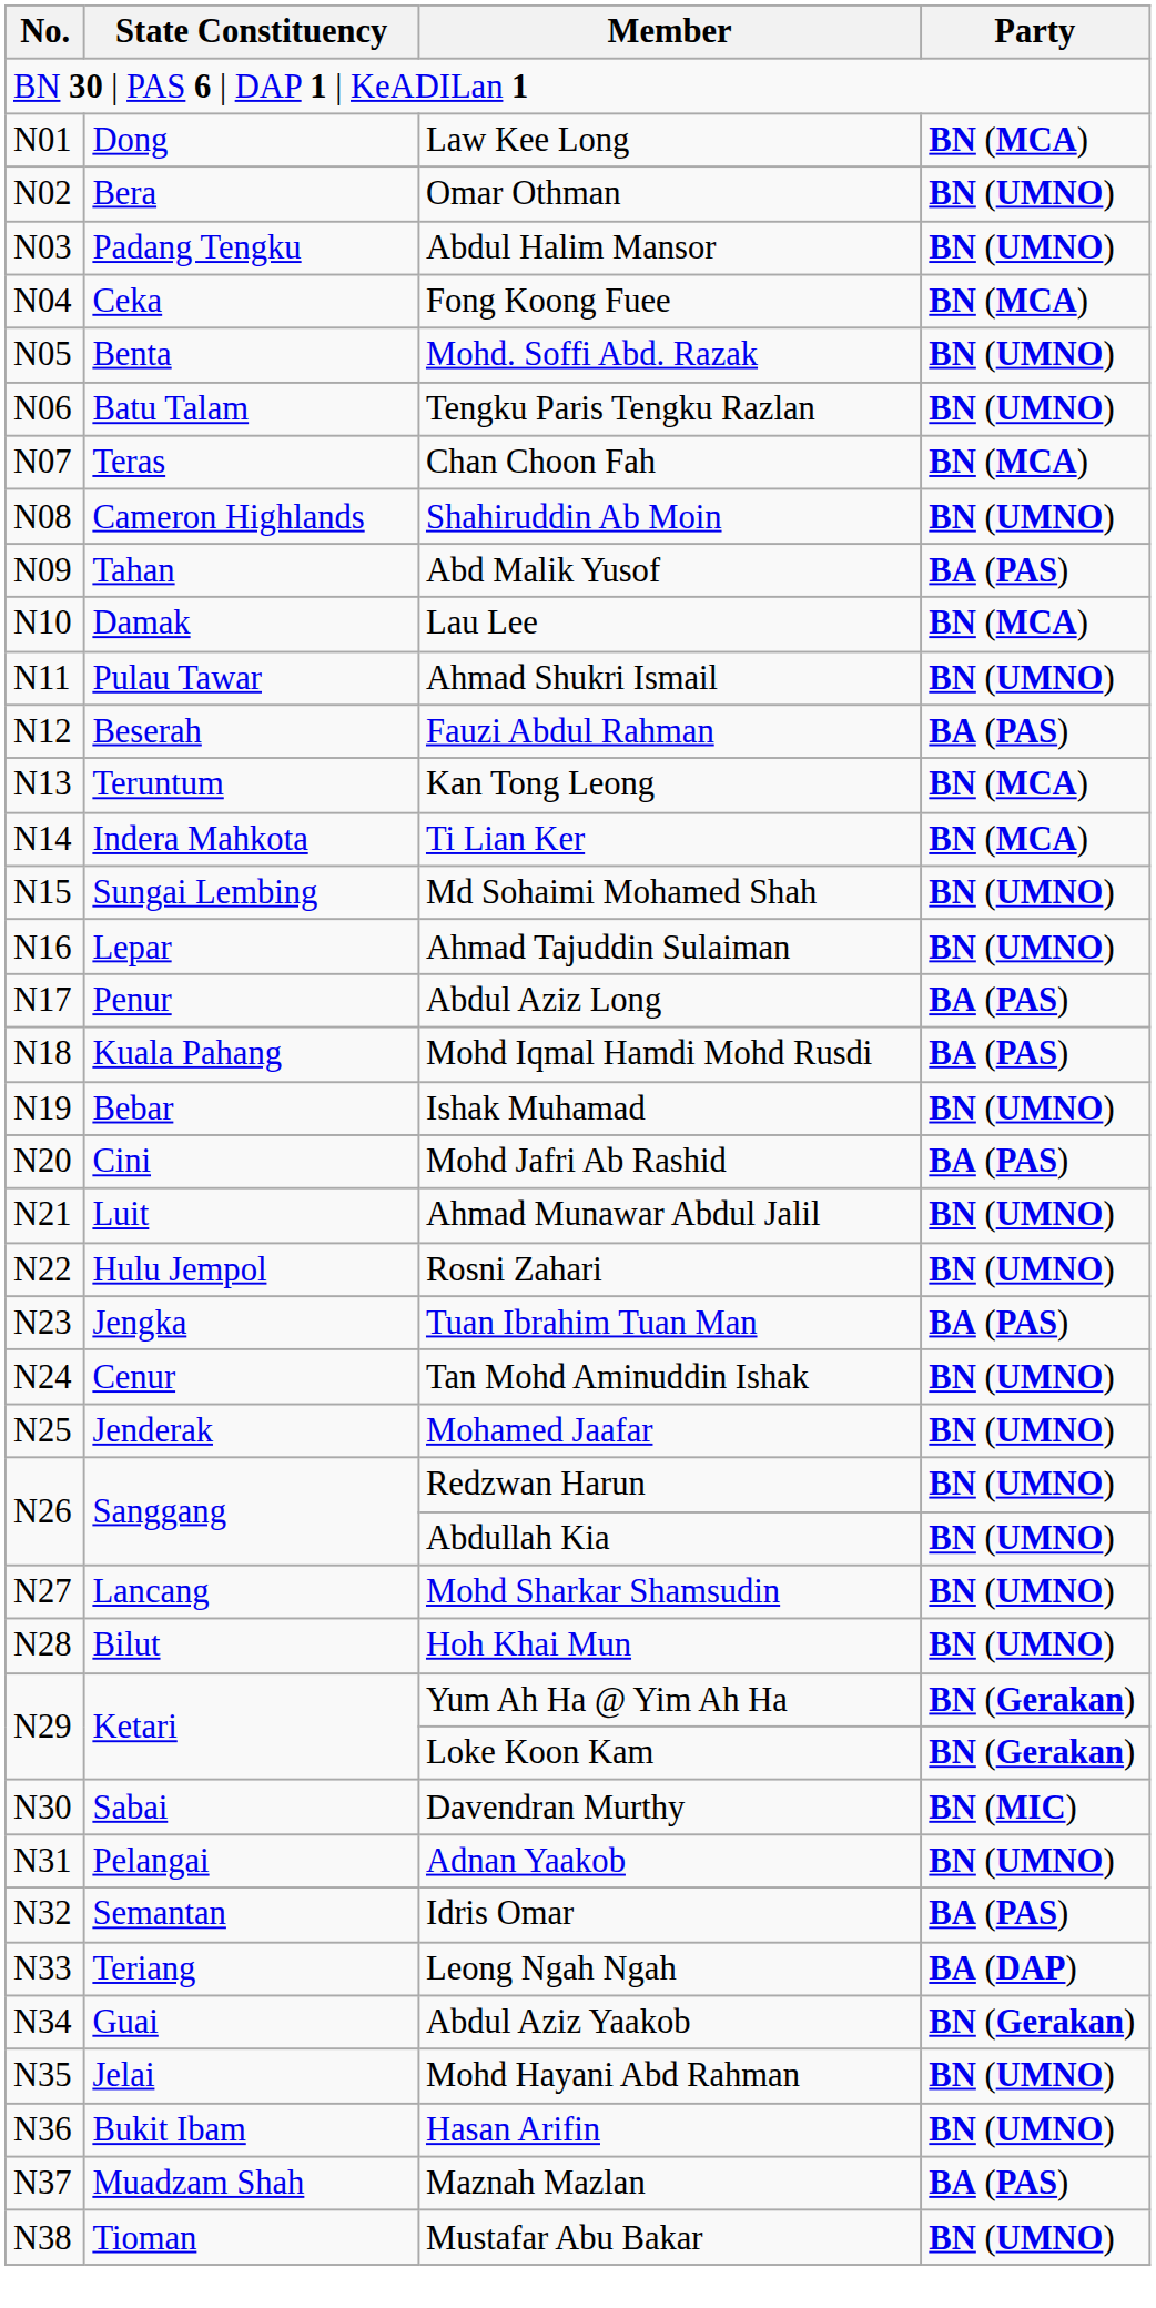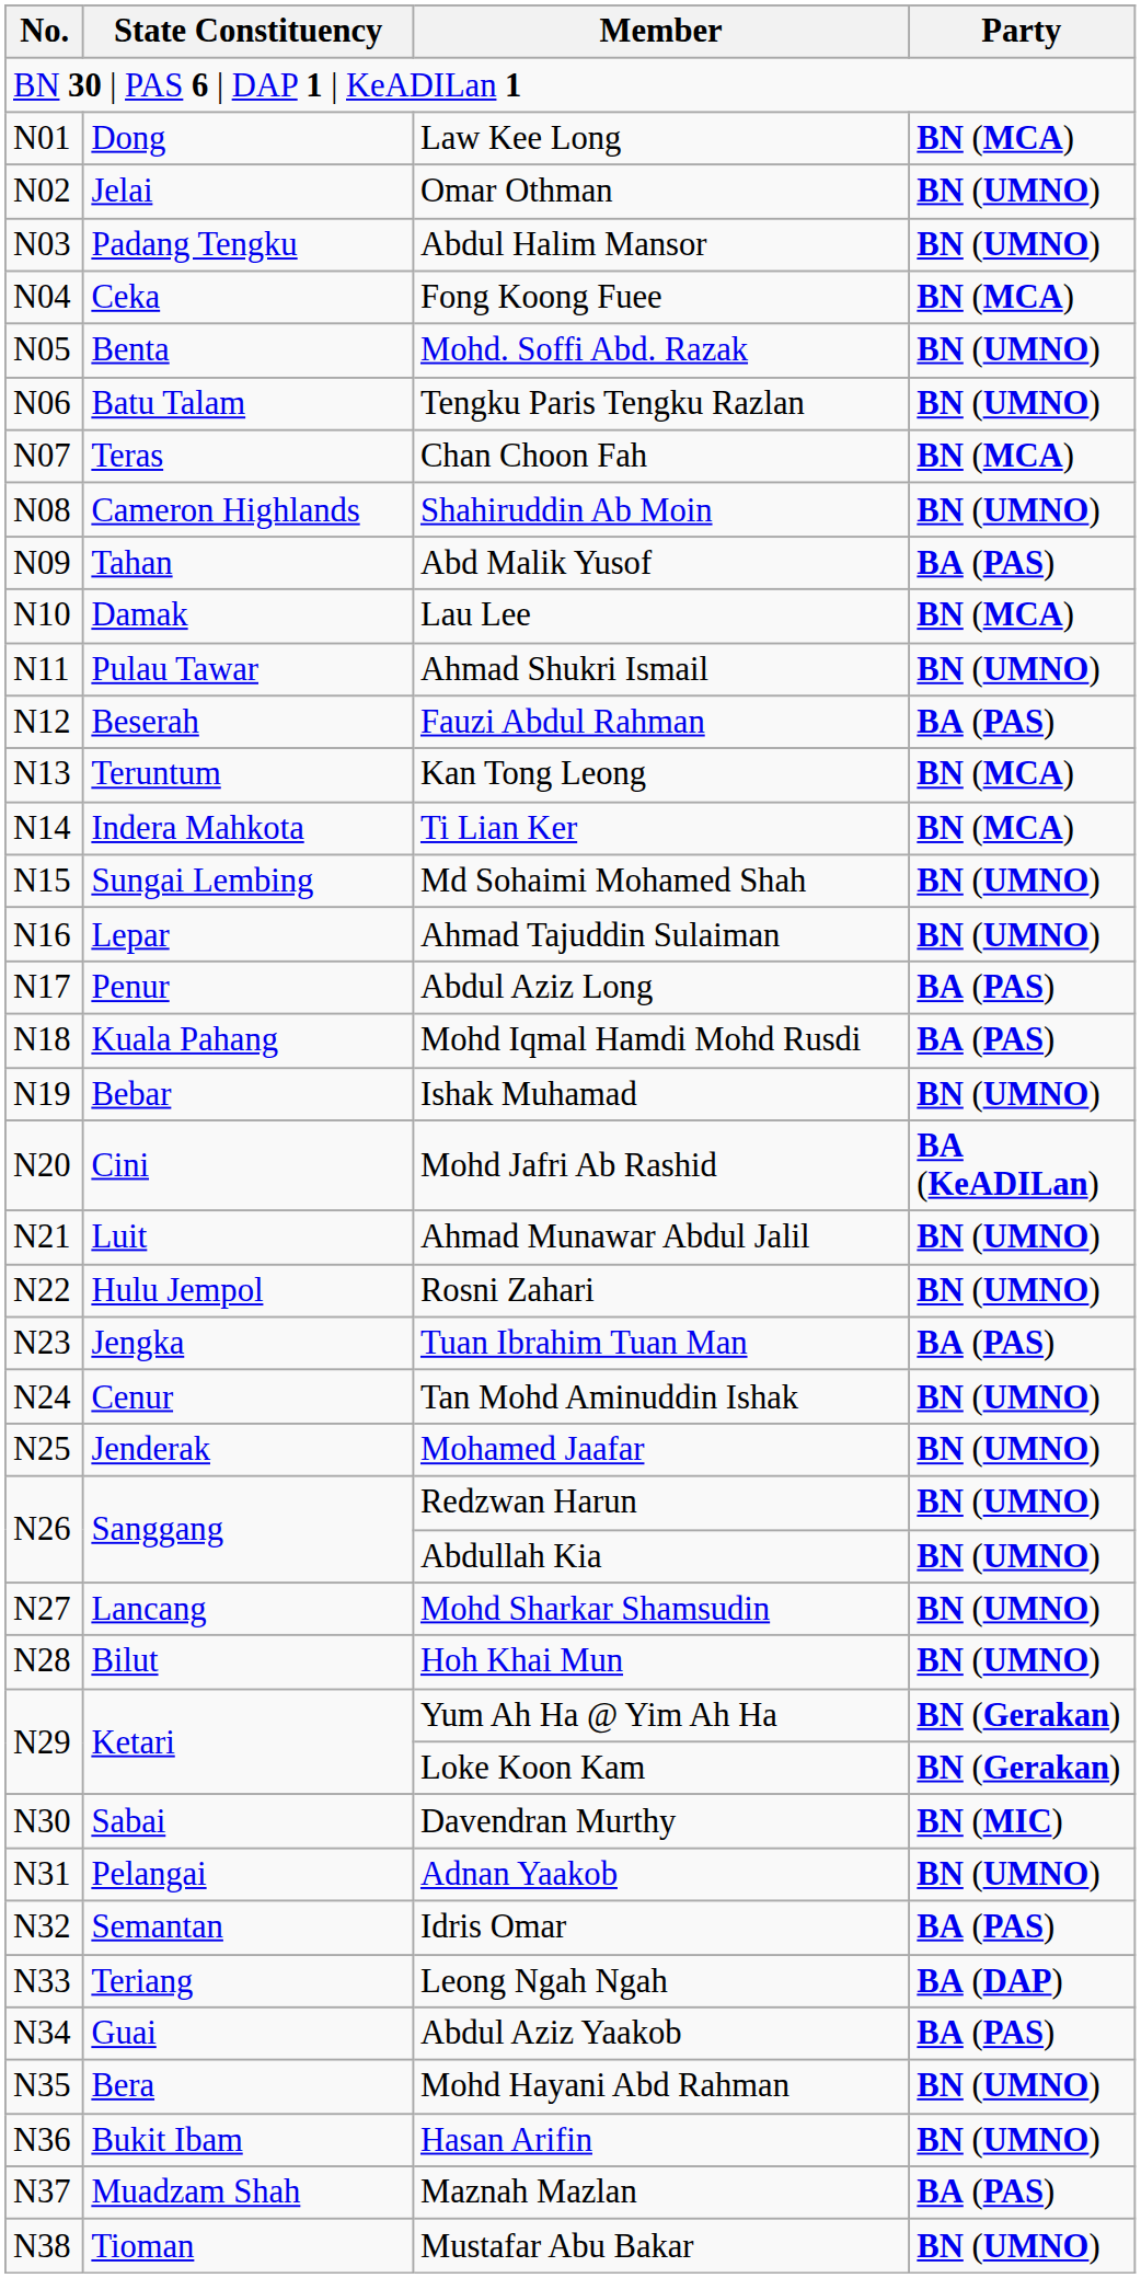 <table class="wikitable sortable">
 <tr>
 <th style="width:30px;">No.</th>
 <th style="width:150px;">State Constituency</th>
 <th style="width:230px;">Member</th>
 <th style="width:100px;">Party</th>
 </tr>
 <tr>
 <td colspan="4"><a href='#'>BN</a> <strong>30</strong> | <a href='#'>PAS</a> <strong>6</strong> | <a href='#'>DAP</a> <strong>1</strong> | <a href='#'>KeADILan</a> <strong>1</strong></td>
 </tr>
 <tr>
 <td>N01</td>
 <td><a href='#'>Dong</a></td>
 <td>Law Kee Long</td>
 <td><strong><a href='#'>BN</a></strong> (<strong><a href='#'>MCA</a></strong>)</td>
 </tr>
 <tr>
 <td>N02</td>
-<td><a href='#'>Bera</a></td>
+<td><a href='#'>Jelai</a></td>
 <td>Omar Othman</td>
 <td><strong><a href='#'>BN</a></strong> (<strong><a href='#'>UMNO</a></strong>)</td>
 </tr>
 <tr>
 <td>N03</td>
 <td><a href='#'>Padang Tengku</a></td>
 <td>Abdul Halim Mansor</td>
 <td><strong><a href='#'>BN</a></strong> (<strong><a href='#'>UMNO</a></strong>)</td>
 </tr>
 <tr>
 <td>N04</td>
 <td><a href='#'>Ceka</a></td>
 <td>Fong Koong Fuee</td>
 <td><strong><a href='#'>BN</a></strong> (<strong><a href='#'>MCA</a></strong>)</td>
 </tr>
 <tr>
 <td>N05</td>
 <td><a href='#'>Benta</a></td>
 <td><a href='#'>Mohd. Soffi Abd. Razak</a></td>
 <td><strong><a href='#'>BN</a></strong> (<strong><a href='#'>UMNO</a></strong>)</td>
 </tr>
 <tr>
 <td>N06</td>
 <td><a href='#'>Batu Talam</a></td>
 <td>Tengku Paris Tengku Razlan</td>
 <td><strong><a href='#'>BN</a></strong> (<strong><a href='#'>UMNO</a></strong>)</td>
 </tr>
 <tr>
 <td>N07</td>
 <td><a href='#'>Teras</a></td>
 <td>Chan Choon Fah</td>
 <td><strong><a href='#'>BN</a></strong> (<strong><a href='#'>MCA</a></strong>)</td>
 </tr>
 <tr>
 <td>N08</td>
 <td><a href='#'>Cameron Highlands</a></td>
 <td><a href='#'>Shahiruddin Ab Moin</a></td>
 <td><strong><a href='#'>BN</a></strong> (<strong><a href='#'>UMNO</a></strong>)</td>
 </tr>
 <tr>
 <td>N09</td>
 <td><a href='#'>Tahan</a></td>
 <td>Abd Malik Yusof</td>
 <td><strong><a href='#'>BA</a></strong> (<strong><a href='#'>PAS</a></strong>)</td>
 </tr>
 <tr>
 <td>N10</td>
 <td><a href='#'>Damak</a></td>
 <td>Lau Lee</td>
 <td><strong><a href='#'>BN</a></strong> (<strong><a href='#'>MCA</a></strong>)</td>
 </tr>
 <tr>
 <td>N11</td>
 <td><a href='#'>Pulau Tawar</a></td>
 <td>Ahmad Shukri Ismail</td>
 <td><strong><a href='#'>BN</a></strong> (<strong><a href='#'>UMNO</a></strong>)</td>
 </tr>
 <tr>
 <td>N12</td>
 <td><a href='#'>Beserah</a></td>
 <td><a href='#'>Fauzi Abdul Rahman</a></td>
 <td><strong><a href='#'>BA</a></strong> (<strong><a href='#'>PAS</a></strong>)</td>
 </tr>
 <tr>
 <td>N13</td>
 <td><a href='#'>Teruntum</a></td>
 <td>Kan Tong Leong</td>
 <td><strong><a href='#'>BN</a></strong> (<strong><a href='#'>MCA</a></strong>)</td>
 </tr>
 <tr>
 <td>N14</td>
 <td><a href='#'>Indera Mahkota</a></td>
 <td><a href='#'>Ti Lian Ker</a></td>
 <td><strong><a href='#'>BN</a></strong> (<strong><a href='#'>MCA</a></strong>)</td>
 </tr>
 <tr>
 <td>N15</td>
 <td><a href='#'>Sungai Lembing</a></td>
 <td>Md Sohaimi Mohamed Shah</td>
 <td><strong><a href='#'>BN</a></strong> (<strong><a href='#'>UMNO</a></strong>)</td>
 </tr>
 <tr>
 <td>N16</td>
 <td><a href='#'>Lepar</a></td>
 <td>Ahmad Tajuddin Sulaiman</td>
 <td><strong><a href='#'>BN</a></strong> (<strong><a href='#'>UMNO</a></strong>)</td>
 </tr>
 <tr>
 <td>N17</td>
 <td><a href='#'>Penur</a></td>
 <td>Abdul Aziz Long</td>
 <td><strong><a href='#'>BA</a></strong> (<strong><a href='#'>PAS</a></strong>)</td>
 </tr>
 <tr>
 <td>N18</td>
 <td><a href='#'>Kuala Pahang</a></td>
 <td>Mohd Iqmal Hamdi Mohd Rusdi</td>
 <td><strong><a href='#'>BA</a></strong> (<strong><a href='#'>PAS</a></strong>)</td>
 </tr>
 <tr>
 <td>N19</td>
 <td><a href='#'>Bebar</a></td>
 <td>Ishak Muhamad</td>
 <td><strong><a href='#'>BN</a></strong> (<strong><a href='#'>UMNO</a></strong>)</td>
 </tr>
 <tr>
 <td>N20</td>
 <td><a href='#'>Cini</a></td>
 <td>Mohd Jafri Ab Rashid</td>
-<td><strong><a href='#'>BA</a></strong> (<strong><a href='#'>PAS</a></strong>)</td>
+<td><strong><a href='#'>BA</a></strong> (<strong><a href='#'>KeADILan</a></strong>)</td>
 </tr>
 <tr>
 <td>N21</td>
 <td><a href='#'>Luit</a></td>
 <td>Ahmad Munawar Abdul Jalil</td>
 <td><strong><a href='#'>BN</a></strong> (<strong><a href='#'>UMNO</a></strong>)</td>
 </tr>
 <tr>
 <td>N22</td>
 <td><a href='#'>Hulu Jempol</a></td>
 <td>Rosni Zahari</td>
 <td><strong><a href='#'>BN</a></strong> (<strong><a href='#'>UMNO</a></strong>)</td>
 </tr>
 <tr>
 <td>N23</td>
 <td><a href='#'>Jengka</a></td>
 <td><a href='#'>Tuan Ibrahim Tuan Man</a></td>
 <td><strong><a href='#'>BA</a></strong> (<strong><a href='#'>PAS</a></strong>)</td>
 </tr>
 <tr>
 <td>N24</td>
 <td><a href='#'>Cenur</a></td>
 <td>Tan Mohd Aminuddin Ishak</td>
 <td><strong><a href='#'>BN</a></strong> (<strong><a href='#'>UMNO</a></strong>)</td>
 </tr>
 <tr>
 <td>N25</td>
 <td><a href='#'>Jenderak</a></td>
 <td><a href='#'>Mohamed Jaafar</a></td>
 <td><strong><a href='#'>BN</a></strong> (<strong><a href='#'>UMNO</a></strong>)</td>
 </tr>
 <tr>
 <td rowspan=2>N26</td>
 <td rowspan=2><a href='#'>Sanggang</a></td>
 <td>Redzwan Harun </td>
 <td><strong><a href='#'>BN</a></strong> (<strong><a href='#'>UMNO</a></strong>)</td>
 </tr>
 <tr>
 <td>Abdullah Kia </td>
 <td><strong><a href='#'>BN</a></strong> (<strong><a href='#'>UMNO</a></strong>)</td>
 </tr>
 <tr>
 <td>N27</td>
 <td><a href='#'>Lancang</a></td>
 <td><a href='#'>Mohd Sharkar Shamsudin</a></td>
 <td><strong><a href='#'>BN</a></strong> (<strong><a href='#'>UMNO</a></strong>)</td>
 </tr>
 <tr>
 <td>N28</td>
 <td><a href='#'>Bilut</a></td>
 <td><a href='#'>Hoh Khai Mun</a></td>
 <td><strong><a href='#'>BN</a></strong> (<strong><a href='#'>UMNO</a></strong>)</td>
 </tr>
 <tr>
 <td rowspan=2>N29</td>
 <td rowspan=2><a href='#'>Ketari</a></td>
 <td>Yum Ah Ha @ Yim Ah Ha </td>
 <td><strong><a href='#'>BN</a></strong> (<strong><a href='#'>Gerakan</a></strong>)</td>
 </tr>
 <tr>
 <td>Loke Koon Kam </td>
 <td><strong><a href='#'>BN</a></strong> (<strong><a href='#'>Gerakan</a></strong>)</td>
 </tr>
 <tr>
 <td>N30</td>
 <td><a href='#'>Sabai</a></td>
 <td>Davendran Murthy</td>
 <td><strong><a href='#'>BN</a></strong> (<strong><a href='#'>MIC</a></strong>)</td>
 </tr>
 <tr>
 <td>N31</td>
 <td><a href='#'>Pelangai</a></td>
 <td><a href='#'>Adnan Yaakob</a></td>
 <td><strong><a href='#'>BN</a></strong> (<strong><a href='#'>UMNO</a></strong>)</td>
 </tr>
 <tr>
 <td>N32</td>
 <td><a href='#'>Semantan</a></td>
 <td>Idris Omar</td>
 <td><strong><a href='#'>BA</a></strong> (<strong><a href='#'>PAS</a></strong>)</td>
 </tr>
 <tr>
 <td>N33</td>
 <td><a href='#'>Teriang</a></td>
 <td>Leong Ngah Ngah</td>
 <td><strong><a href='#'>BA</a></strong> (<strong><a href='#'>DAP</a></strong>)</td>
 </tr>
 <tr>
 <td>N34</td>
 <td><a href='#'>Guai</a></td>
 <td>Abdul Aziz Yaakob</td>
-<td><strong><a href='#'>BN</a></strong> (<strong><a href='#'>Gerakan</a></strong>)</td>
+<td><strong><a href='#'>BA</a></strong> (<strong><a href='#'>PAS</a></strong>)</td>
 </tr>
 <tr>
 <td>N35</td>
-<td><a href='#'>Jelai</a></td>
+<td><a href='#'>Bera</a></td>
 <td>Mohd Hayani Abd Rahman</td>
 <td><strong><a href='#'>BN</a></strong> (<strong><a href='#'>UMNO</a></strong>)</td>
 </tr>
 <tr>
 <td>N36</td>
 <td><a href='#'>Bukit Ibam</a></td>
 <td><a href='#'>Hasan Arifin</a></td>
 <td><strong><a href='#'>BN</a></strong> (<strong><a href='#'>UMNO</a></strong>)</td>
 </tr>
 <tr>
 <td>N37</td>
 <td><a href='#'>Muadzam Shah</a></td>
 <td>Maznah Mazlan</td>
 <td><strong><a href='#'>BA</a></strong> (<strong><a href='#'>PAS</a></strong>)</td>
 </tr>
 <tr>
 <td>N38</td>
 <td><a href='#'>Tioman</a></td>
 <td>Mustafar Abu Bakar</td>
 <td><strong><a href='#'>BN</a></strong> (<strong><a href='#'>UMNO</a></strong>)</td>
 </tr>
 </table>
